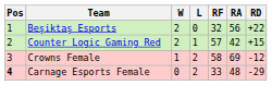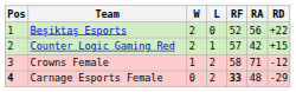 <table class="wikitable" style="display: inline-table;">
 <tr>
 <th width="20px">Pos</th>
 <th width="200px">Team</th>
 <th width="20px">W</th>
 <th width="20px">L</th>
 <th width="20px">RF</th>
 <th width="20px">RA</th>
 <th width="20px">RD</th>
 </tr>
 <tr style="background: #D0F0C0;">
 <td>1</td>
 <td><a href='#'>Beşiktaş Esports</a></td>
 <td>2</td>
 <td>0</td>
-<td>32</td>
+<td>52</td>
 <td>56</td>
 <td>+22</td>
 </tr>
 <tr style="background: #D0F0C0;">
 <td>2</td>
 <td><a href='#'>Counter Logic Gaming Red</a></td>
 <td>2</td>
 <td>1</td>
 <td>57</td>
 <td>42</td>
 <td>+15</td>
 </tr>
 <tr style="background: #FFCCCC;">
 <td>3</td>
 <td>Crowns Female</td>
 <td>1</td>
 <td>2</td>
 <td>58</td>
-<td>69</td>
+<td>71</td>
 <td>-12</td>
 </tr>
 <tr style="background: #FFCCCC;">
 <td><strong>4</strong></td>
 <td>Carnage Esports Female</td>
 <td>0</td>
 <td>2</td>
-<td>33</td>
+<td><strong>33</strong></td>
 <td>48</td>
 <td>-29</td>
 </tr>
 </table>
